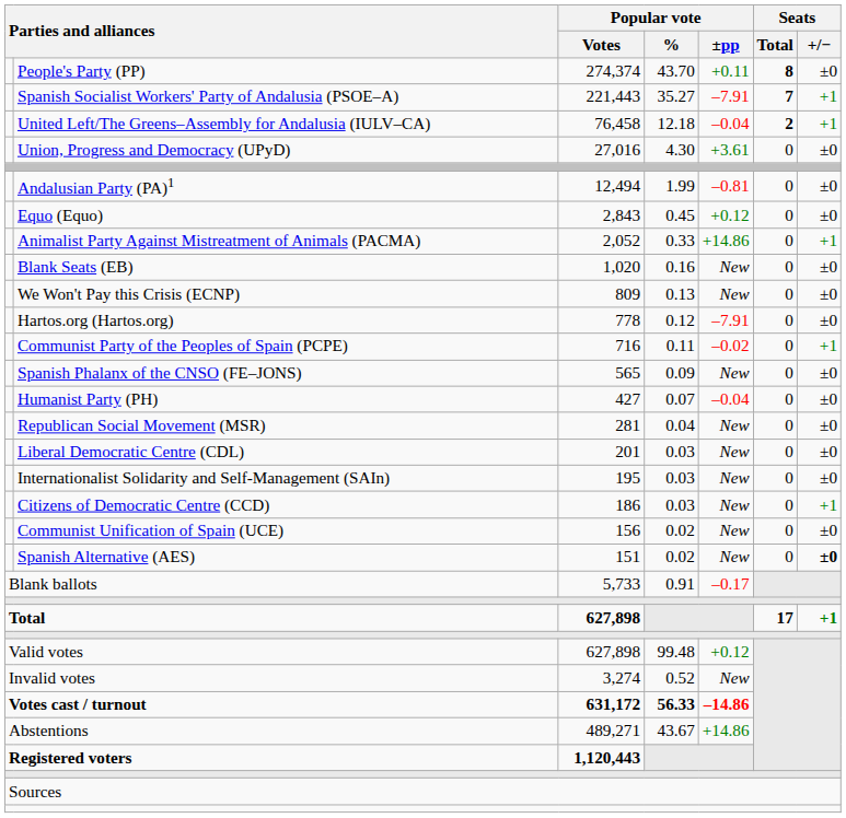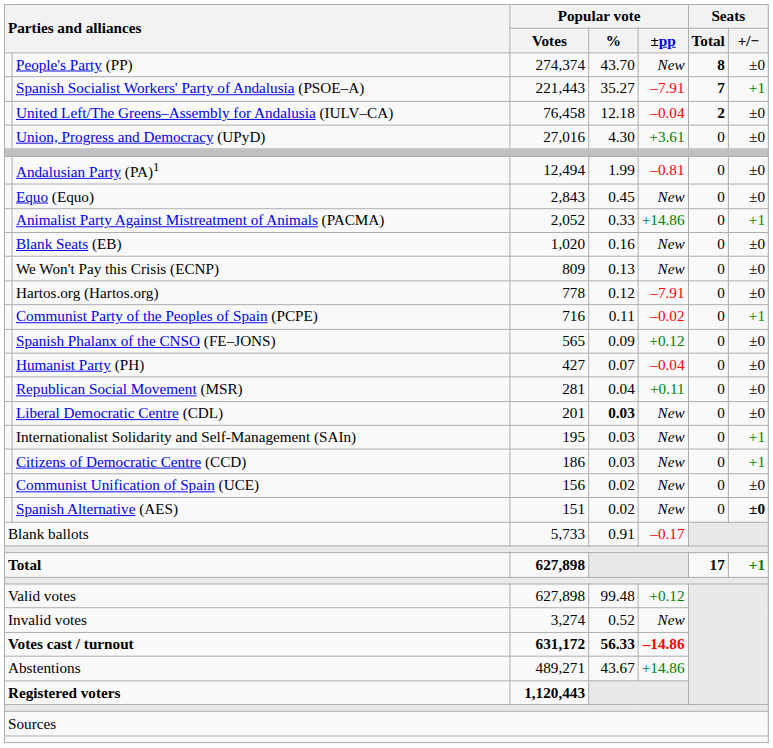 <table class="wikitable" style="text-align:right;">
 <tr>
 <th style="text-align:left;" rowspan="2" colspan="2" width="525">Parties and alliances</th>
 <th colspan="3">Popular vote</th>
 <th colspan="2">Seats</th>
 </tr>
 <tr>
 <th width="75">Votes</th>
 <th width="45">%</th>
 <th width="45">±<a href='#'>pp</a></th>
 <th width="35">Total</th>
 <th width="35">+/−</th>
 </tr>
 <tr>
 <td width="1" style="color:inherit;background:"></td>
 <td align="left"><a href='#'>People's Party</a> (PP)</td>
 <td>274,374</td>
 <td>43.70</td>
-<td style="color:green;">+0.11</td>
+<td><em>New</em></td>
 <td><strong>8</strong></td>
 <td>±0</td>
 </tr>
 <tr>
 <td style="color:inherit;background:"></td>
 <td align="left"><a href='#'>Spanish Socialist Workers' Party of Andalusia</a> (PSOE–A)</td>
 <td>221,443</td>
 <td>35.27</td>
 <td style="color:red;">–7.91</td>
 <td><strong>7</strong></td>
 <td style="color:green;">+1</td>
 </tr>
 <tr>
 <td style="color:inherit;background:"></td>
 <td align="left"><a href='#'>United Left/The Greens–Assembly for Andalusia</a> (IULV–CA)</td>
 <td>76,458</td>
 <td>12.18</td>
 <td style="color:red;">–0.04</td>
 <td><strong>2</strong></td>
-<td style="color:green;">+1</td>
+<td>±0</td>
 </tr>
 <tr>
 <td style="color:inherit;background:"></td>
 <td align="left"><a href='#'>Union, Progress and Democracy</a> (UPyD)</td>
 <td>27,016</td>
 <td>4.30</td>
 <td style="color:green;">+3.61</td>
 <td>0</td>
 <td>±0</td>
 </tr>
 <tr>
 <td colspan="7" bgcolor="#C0C0C0"></td>
 </tr>
 <tr>
 <td style="color:inherit;background:"></td>
 <td align="left"><a href='#'>Andalusian Party</a> (PA)<sup>1</sup></td>
 <td>12,494</td>
 <td>1.99</td>
 <td style="color:red;">–0.81</td>
 <td>0</td>
 <td>±0</td>
 </tr>
 <tr>
 <td style="color:inherit;background:"></td>
 <td align="left"><a href='#'>Equo</a> (Equo)</td>
 <td>2,843</td>
 <td>0.45</td>
-<td style="color:green;">+0.12</td>
+<td><em>New</em></td>
 <td>0</td>
 <td>±0</td>
 </tr>
 <tr>
 <td style="color:inherit;background:"></td>
 <td align="left"><a href='#'>Animalist Party Against Mistreatment of Animals</a> (PACMA)</td>
 <td>2,052</td>
 <td>0.33</td>
 <td style="color:green;">+14.86</td>
 <td>0</td>
 <td style="color:green;">+1</td>
 </tr>
 <tr>
 <td style="color:inherit;background:"></td>
 <td align="left"><a href='#'>Blank Seats</a> (EB)</td>
 <td>1,020</td>
 <td>0.16</td>
 <td><em>New</em></td>
 <td>0</td>
 <td>±0</td>
 </tr>
 <tr>
 <td style="color:inherit;background:"></td>
 <td align="left">We Won't Pay this Crisis (ECNP)</td>
 <td>809</td>
 <td>0.13</td>
 <td><em>New</em></td>
 <td>0</td>
 <td>±0</td>
 </tr>
 <tr>
 <td style="color:inherit;background:"></td>
 <td align="left">Hartos.org (Hartos.org)</td>
 <td>778</td>
 <td>0.12</td>
 <td style="color:red;">–7.91</td>
 <td>0</td>
 <td>±0</td>
 </tr>
 <tr>
 <td style="color:inherit;background:"></td>
 <td align="left"><a href='#'>Communist Party of the Peoples of Spain</a> (PCPE)</td>
 <td>716</td>
 <td>0.11</td>
 <td style="color:red;">–0.02</td>
 <td>0</td>
 <td style="color:green;">+1</td>
 </tr>
 <tr>
 <td style="color:inherit;background:"></td>
 <td align="left"><a href='#'>Spanish Phalanx of the CNSO</a> (FE–JONS)</td>
 <td>565</td>
 <td>0.09</td>
-<td><em>New</em></td>
+<td style="color:green;">+0.12</td>
 <td>0</td>
 <td>±0</td>
 </tr>
 <tr>
 <td style="color:inherit;background:"></td>
 <td align="left"><a href='#'>Humanist Party</a> (PH)</td>
 <td>427</td>
 <td>0.07</td>
 <td style="color:red;">–0.04</td>
 <td>0</td>
 <td>±0</td>
 </tr>
 <tr>
 <td style="color:inherit;background:"></td>
 <td align="left"><a href='#'>Republican Social Movement</a> (MSR)</td>
 <td>281</td>
 <td>0.04</td>
-<td><em>New</em></td>
+<td style="color:green;">+0.11</td>
 <td>0</td>
 <td>±0</td>
 </tr>
 <tr>
 <td style="color:inherit;background:"></td>
 <td align="left"><a href='#'>Liberal Democratic Centre</a> (CDL)</td>
 <td>201</td>
-<td>0.03</td>
+<td><strong>0.03</strong></td>
 <td><em>New</em></td>
 <td>0</td>
 <td>±0</td>
 </tr>
 <tr>
 <td style="color:inherit;background:"></td>
 <td align="left">Internationalist Solidarity and Self-Management (SAIn)</td>
 <td>195</td>
 <td>0.03</td>
 <td><em>New</em></td>
 <td>0</td>
-<td>±0</td>
+<td style="color:green;">+1</td>
 </tr>
 <tr>
 <td style="color:inherit;background:"></td>
 <td align="left"><a href='#'>Citizens of Democratic Centre</a> (CCD)</td>
 <td>186</td>
 <td>0.03</td>
 <td><em>New</em></td>
 <td>0</td>
 <td style="color:green;">+1</td>
 </tr>
 <tr>
 <td style="color:inherit;background:"></td>
 <td align="left"><a href='#'>Communist Unification of Spain</a> (UCE)</td>
 <td>156</td>
 <td>0.02</td>
 <td><em>New</em></td>
 <td>0</td>
 <td>±0</td>
 </tr>
 <tr>
 <td style="color:inherit;background:"></td>
 <td align="left"><a href='#'>Spanish Alternative</a> (AES)</td>
 <td>151</td>
 <td>0.02</td>
 <td><em>New</em></td>
 <td>0</td>
 <td><strong>±0</strong></td>
 </tr>
 <tr>
 <td align="left" colspan="2">Blank ballots</td>
 <td>5,733</td>
 <td>0.91</td>
 <td style="color:red;">–0.17</td>
 <td bgcolor="#E9E9E9" colspan="2"></td>
 </tr>
 <tr>
 <td colspan="7" bgcolor="#E9E9E9"></td>
 </tr>
 <tr style="font-weight:bold;">
 <td align="left" colspan="2">Total</td>
 <td>627,898</td>
 <td bgcolor="#E9E9E9" colspan="2"></td>
 <td>17</td>
 <td style="color:green;">+1</td>
 </tr>
 <tr>
 <td colspan="7" bgcolor="#E9E9E9"></td>
 </tr>
 <tr>
 <td align="left" colspan="2">Valid votes</td>
 <td>627,898</td>
 <td>99.48</td>
 <td style="color:green;">+0.12</td>
 <td bgcolor="#E9E9E9" colspan="2" rowspan="5"></td>
 </tr>
 <tr>
 <td align="left" colspan="2">Invalid votes</td>
 <td>3,274</td>
 <td>0.52</td>
 <td><em>New</em></td>
 </tr>
 <tr style="font-weight:bold;">
 <td align="left" colspan="2">Votes cast / turnout</td>
 <td>631,172</td>
 <td>56.33</td>
 <td style="color:red;">–14.86</td>
 </tr>
 <tr>
 <td align="left" colspan="2">Abstentions</td>
 <td>489,271</td>
 <td>43.67</td>
 <td style="color:green;">+14.86</td>
 </tr>
 <tr style="font-weight:bold;">
 <td align="left" colspan="2">Registered voters</td>
 <td>1,120,443</td>
 <td bgcolor="#E9E9E9" colspan="2"></td>
 </tr>
 <tr>
 <td colspan="7" bgcolor="#E9E9E9"></td>
 </tr>
 <tr>
 <td align="left" colspan="7">Sources</td>
 </tr>
 <tr>
 <td colspan="7" style="text-align:left; max-width:790px;"></td>
 </tr>
 </table>
